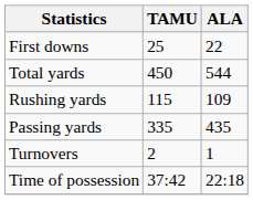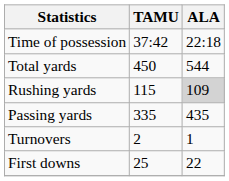 <table class="wikitable" style="float: left;">
 <tr>
 <th>Statistics</th>
 <th>TAMU</th>
 <th>ALA</th>
 </tr>
 <tr>
-<td>First downs</td>
-<td>25</td>
-<td>22</td>
+<td>Time of possession</td>
+<td>37:42</td>
+<td>22:18</td>
 </tr>
 <tr>
 <td>Total yards</td>
 <td>450</td>
 <td>544</td>
 </tr>
 <tr>
 <td>Rushing yards</td>
 <td>115</td>
-<td>109</td>
+<td style="background: lightgrey;">109</td>
 </tr>
 <tr>
 <td>Passing yards</td>
 <td>335</td>
 <td>435</td>
 </tr>
 <tr>
 <td>Turnovers</td>
 <td>2</td>
 <td>1</td>
 </tr>
 <tr>
-<td>Time of possession</td>
-<td>37:42</td>
-<td>22:18</td>
+<td>First downs</td>
+<td>25</td>
+<td>22</td>
 </tr>
 <tr>
 </tr>
 </table>
